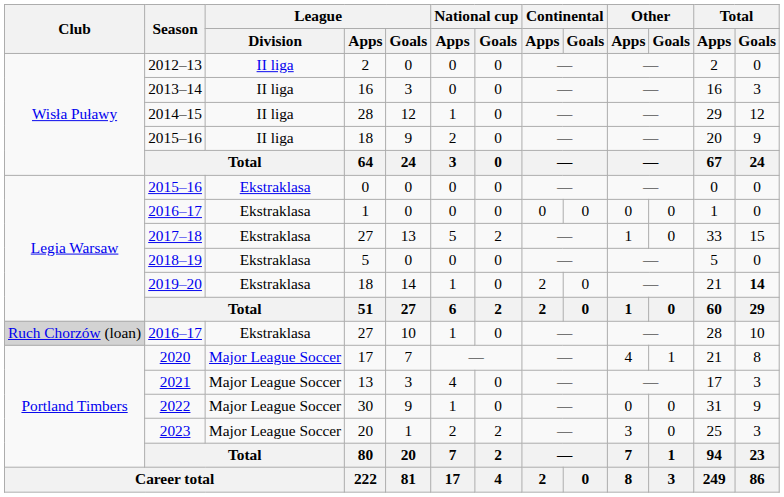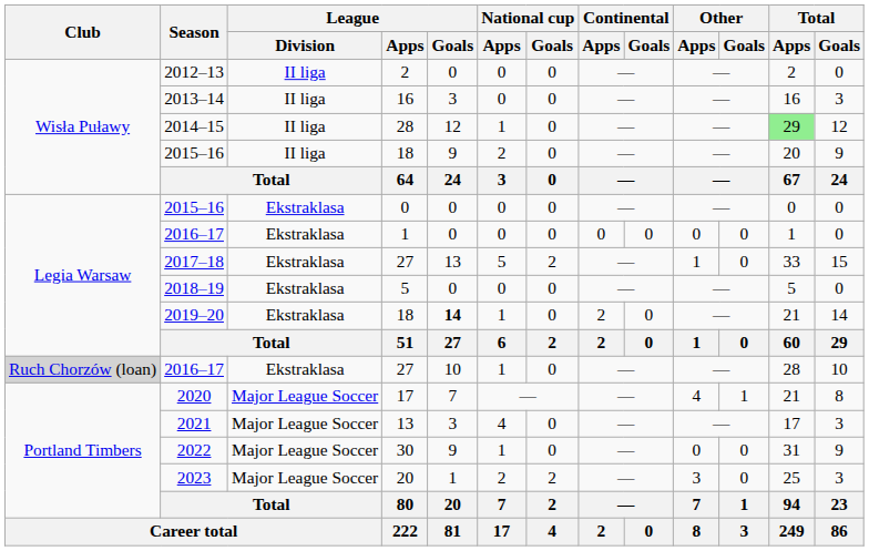 <table class=wikitable style="text-align: center">
 <tr>
 <th rowspan=2>Club</th>
 <th rowspan=2>Season</th>
 <th colspan=3>League</th>
 <th colspan=2>National cup</th>
 <th colspan=2>Continental</th>
 <th colspan=2>Other</th>
 <th colspan=2>Total</th>
 </tr>
 <tr>
 <th>Division</th>
 <th>Apps</th>
 <th>Goals</th>
 <th>Apps</th>
 <th>Goals</th>
 <th>Apps</th>
 <th>Goals</th>
 <th>Apps</th>
 <th>Goals</th>
 <th>Apps</th>
 <th>Goals</th>
 </tr>
 <tr>
 <td rowspan=5><a href='#'>Wisła Puławy</a></td>
 <td>2012–13</td>
 <td><a href='#'>II liga</a></td>
 <td>2</td>
 <td>0</td>
 <td>0</td>
 <td>0</td>
 <td colspan="2">—</td>
 <td colspan="2">—</td>
 <td>2</td>
 <td>0</td>
 </tr>
 <tr>
 <td>2013–14</td>
 <td>II liga</td>
 <td>16</td>
 <td>3</td>
 <td>0</td>
 <td>0</td>
 <td colspan="2">—</td>
 <td colspan="2">—</td>
 <td>16</td>
 <td>3</td>
 </tr>
 <tr>
 <td>2014–15</td>
 <td>II liga</td>
 <td>28</td>
 <td>12</td>
 <td>1</td>
 <td>0</td>
 <td colspan="2">—</td>
 <td colspan="2">—</td>
-<td>29</td>
+<td style="background: lightgreen;">29</td>
 <td>12</td>
 </tr>
 <tr>
 <td>2015–16</td>
 <td>II liga</td>
 <td>18</td>
 <td>9</td>
 <td>2</td>
 <td>0</td>
 <td colspan="2">—</td>
 <td colspan="2">—</td>
 <td>20</td>
 <td>9</td>
 </tr>
 <tr>
 <th colspan=2>Total</th>
 <th>64</th>
 <th>24</th>
 <th>3</th>
 <th>0</th>
 <th colspan="2">—</th>
 <th colspan="2">—</th>
 <th>67</th>
 <th>24</th>
 </tr>
 <tr>
 <td rowspan=6><a href='#'>Legia Warsaw</a></td>
 <td><a href='#'>2015–16</a></td>
 <td><a href='#'>Ekstraklasa</a></td>
 <td>0</td>
 <td>0</td>
 <td>0</td>
 <td>0</td>
 <td colspan="2">—</td>
 <td colspan="2">—</td>
 <td>0</td>
 <td>0</td>
 </tr>
 <tr>
 <td><a href='#'>2016–17</a></td>
 <td>Ekstraklasa</td>
 <td>1</td>
 <td>0</td>
 <td>0</td>
 <td>0</td>
 <td>0</td>
 <td>0</td>
 <td>0</td>
 <td>0</td>
 <td>1</td>
 <td>0</td>
 </tr>
 <tr>
 <td><a href='#'>2017–18</a></td>
 <td>Ekstraklasa</td>
 <td>27</td>
 <td>13</td>
 <td>5</td>
 <td>2</td>
 <td colspan="2">—</td>
 <td>1</td>
 <td>0</td>
 <td>33</td>
 <td>15</td>
 </tr>
 <tr>
 <td><a href='#'>2018–19</a></td>
 <td>Ekstraklasa</td>
 <td>5</td>
 <td>0</td>
 <td>0</td>
 <td>0</td>
 <td colspan="2">—</td>
 <td colspan="2">—</td>
 <td>5</td>
 <td>0</td>
 </tr>
 <tr>
 <td><a href='#'>2019–20</a></td>
 <td>Ekstraklasa</td>
 <td>18</td>
-<td>14</td>
+<td><strong>14</strong></td>
 <td>1</td>
 <td>0</td>
 <td>2</td>
 <td>0</td>
 <td colspan="2">—</td>
 <td>21</td>
-<td><strong>14</strong></td>
+<td>14</td>
 </tr>
 <tr>
 <th colspan=2>Total</th>
 <th>51</th>
 <th>27</th>
 <th>6</th>
 <th>2</th>
 <th>2</th>
 <th>0</th>
 <th>1</th>
 <th>0</th>
 <th>60</th>
 <th>29</th>
 </tr>
 <tr>
 <td rowspan=1 style="background: lightgrey;"><a href='#'>Ruch Chorzów</a> (loan)</td>
 <td><a href='#'>2016–17</a></td>
 <td>Ekstraklasa</td>
 <td>27</td>
 <td>10</td>
 <td>1</td>
 <td>0</td>
 <td colspan="2">—</td>
 <td colspan="2">—</td>
 <td>28</td>
 <td>10</td>
 </tr>
 <tr>
 <td rowspan=5><a href='#'>Portland Timbers</a></td>
 <td><a href='#'>2020</a></td>
 <td><a href='#'>Major League Soccer</a></td>
 <td>17</td>
 <td>7</td>
 <td colspan="2">—</td>
 <td colspan="2">—</td>
 <td>4</td>
 <td>1</td>
 <td>21</td>
 <td>8</td>
 </tr>
 <tr>
 <td><a href='#'>2021</a></td>
 <td>Major League Soccer</td>
 <td>13</td>
 <td>3</td>
 <td>4</td>
 <td>0</td>
 <td colspan="2">—</td>
 <td colspan="2">—</td>
 <td>17</td>
 <td>3</td>
 </tr>
 <tr>
 <td><a href='#'>2022</a></td>
 <td>Major League Soccer</td>
 <td>30</td>
 <td>9</td>
 <td>1</td>
 <td>0</td>
 <td colspan="2">—</td>
 <td>0</td>
 <td>0</td>
 <td>31</td>
 <td>9</td>
 </tr>
 <tr>
 <td><a href='#'>2023</a></td>
 <td>Major League Soccer</td>
 <td>20</td>
 <td>1</td>
 <td>2</td>
 <td>2</td>
 <td colspan="2">—</td>
 <td>3</td>
 <td>0</td>
 <td>25</td>
 <td>3</td>
 </tr>
 <tr>
 <th colspan=2>Total</th>
 <th>80</th>
 <th>20</th>
 <th>7</th>
 <th>2</th>
 <th colspan="2">—</th>
 <th>7</th>
 <th>1</th>
 <th>94</th>
 <th>23</th>
 </tr>
 <tr>
 <th colspan=3>Career total</th>
 <th>222</th>
 <th>81</th>
 <th>17</th>
 <th>4</th>
 <th>2</th>
 <th>0</th>
 <th>8</th>
 <th>3</th>
 <th>249</th>
 <th>86</th>
 </tr>
 </table>
